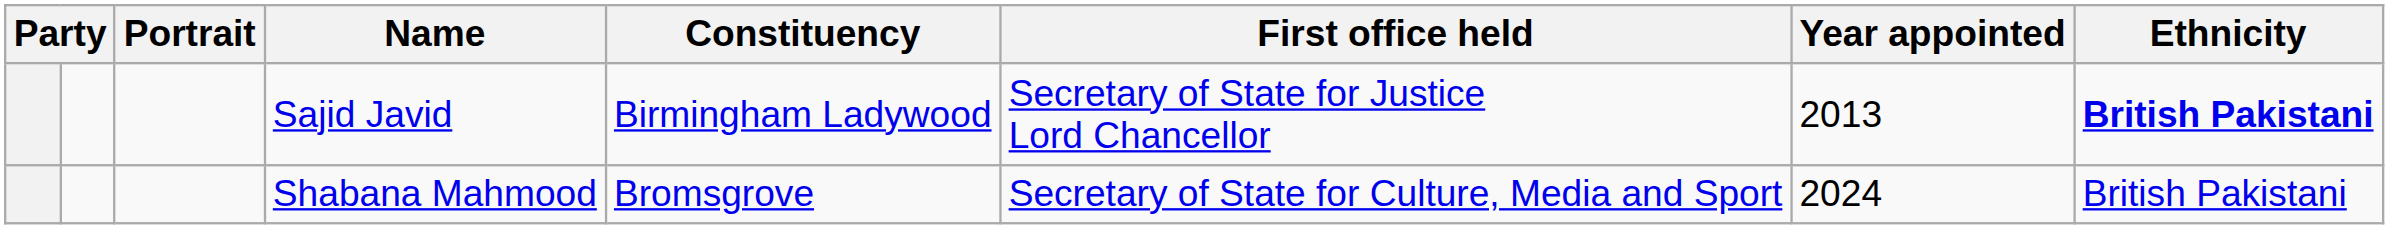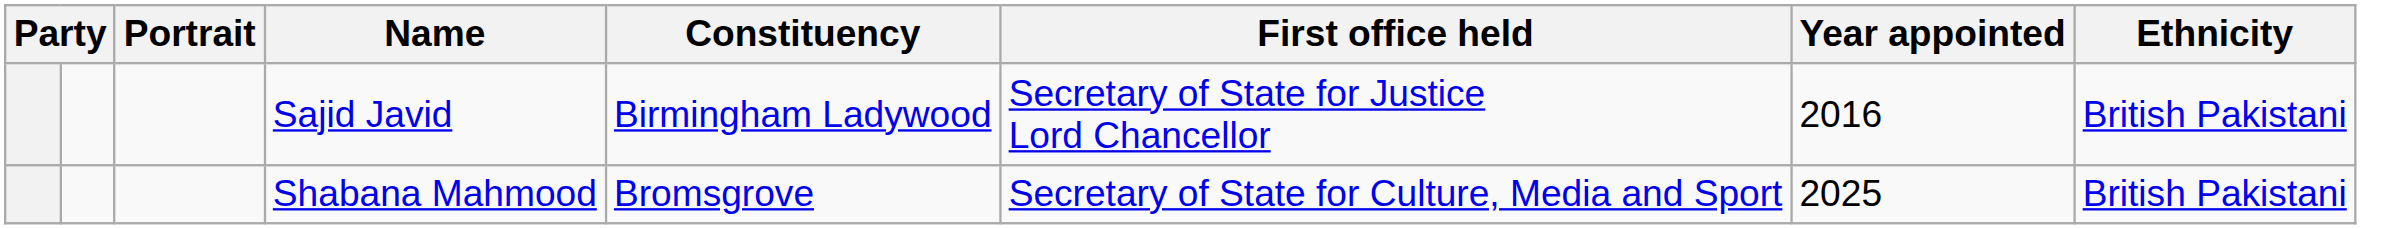 <table class="wikitable sortable">
 <tr>
 <th colspan=2>Party</th>
 <th>Portrait</th>
 <th>Name</th>
 <th>Constituency</th>
 <th>First office held</th>
 <th>Year appointed</th>
 <th>Ethnicity</th>
 </tr>
 <tr>
 <th style="background-color: "></th>
 <td></td>
 <td></td>
 <td><a href='#'>Sajid Javid</a></td>
 <td><a href='#'>Birmingham Ladywood</a></td>
 <td><a href='#'>Secretary of State for Justice</a><br><a href='#'>Lord Chancellor</a></td>
-<td>2013</td>
-<td><strong><a href='#'>British Pakistani</a></strong></td>
+<td>2016</td>
+<td><a href='#'>British Pakistani</a></td>
 </tr>
 <tr>
 <th style="background-color: "></th>
 <td></td>
 <td></td>
 <td><a href='#'>Shabana Mahmood</a></td>
 <td><a href='#'>Bromsgrove</a></td>
 <td><a href='#'>Secretary of State for Culture, Media and Sport</a></td>
-<td>2024</td>
+<td>2025</td>
 <td><a href='#'>British Pakistani</a></td>
 </tr>
 </table>
